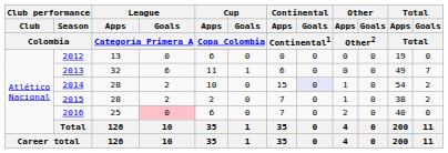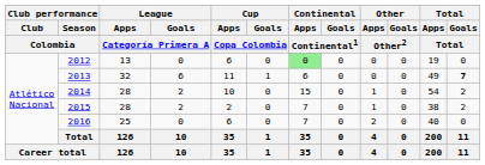 <table class="wikitable" style="text-align:center">
 <tr>
 <th colspan=2>Club performance</th>
 <th colspan=2>League</th>
 <th colspan=2>Cup</th>
 <th colspan=2>Continental</th>
 <th colspan=2>Other</th>
 <th colspan=2>Total</th>
 </tr>
 <tr>
 <th>Club</th>
 <th>Season</th>
 <th>Apps</th>
 <th>Goals</th>
 <th>Apps</th>
 <th>Goals</th>
 <th>Apps</th>
 <th>Goals</th>
 <th>Apps</th>
 <th>Goals</th>
 <th>Apps</th>
 <th>Goals</th>
 </tr>
 <tr>
 <th colspan=2>Colombia</th>
 <th colspan=2><a href='#'>Categoría Primera A</a></th>
 <th colspan=2><a href='#'>Copa Colombia</a></th>
 <th colspan=2>Continental<sup>1</sup></th>
 <th colspan=2>Other<sup>2</sup></th>
 <th colspan=2>Total</th>
 </tr>
 <tr>
 <td rowspan="6"><a href='#'>Atlético<br>Nacional</a></td>
 <td><a href='#'>2012</a></td>
 <td>13</td>
 <td>0</td>
 <td>6</td>
 <td>0</td>
-<td>0</td>
+<td style="background: lightgreen;">0</td>
 <td>0</td>
 <td>0</td>
 <td>0</td>
 <td>19</td>
 <td>0</td>
 </tr>
 <tr>
 <td><a href='#'>2013</a></td>
 <td>32</td>
 <td>6</td>
 <td>11</td>
 <td>1</td>
 <td>6</td>
 <td>0</td>
 <td>0</td>
 <td>0</td>
 <td>49</td>
-<td>7</td>
+<td><strong>7</strong></td>
 </tr>
 <tr>
 <td><a href='#'>2014</a></td>
 <td>28</td>
 <td>2</td>
 <td>10</td>
 <td>0</td>
 <td>15</td>
-<td style="background: lavender;">0</td>
+<td>0</td>
 <td>1</td>
 <td>0</td>
 <td>54</td>
 <td>2</td>
 </tr>
 <tr>
 <td><a href='#'>2015</a></td>
 <td>28</td>
 <td>2</td>
 <td>2</td>
 <td>0</td>
 <td>7</td>
 <td>0</td>
 <td>1</td>
 <td>0</td>
 <td>38</td>
 <td>2</td>
 </tr>
 <tr>
 <td><a href='#'>2016</a></td>
 <td>25</td>
-<td style="background: pink;">0</td>
+<td>0</td>
 <td>6</td>
 <td>0</td>
 <td>7</td>
 <td>0</td>
 <td>2</td>
 <td>0</td>
 <td>40</td>
 <td>0</td>
 </tr>
 <tr>
 <th rowspan=1>Total</th>
 <th>126</th>
 <th>10</th>
 <th>35</th>
 <th>1</th>
 <th>35</th>
 <th>0</th>
 <th>4</th>
 <th>0</th>
 <th>200</th>
 <th>11</th>
 </tr>
 <tr>
 <th colspan=2>Career total</th>
 <th>126</th>
 <th>10</th>
 <th>35</th>
 <th>1</th>
 <th>35</th>
 <th>0</th>
 <th>4</th>
 <th>0</th>
 <th>200</th>
 <th>11</th>
 </tr>
 </table>
